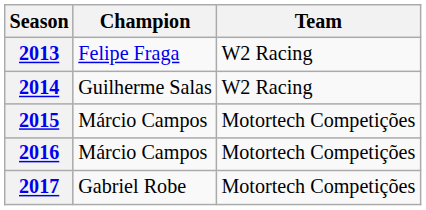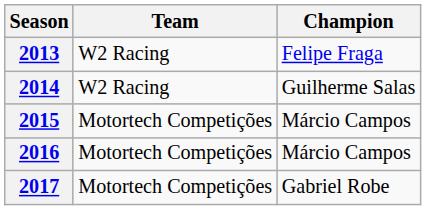 <table class="wikitable" style="font-size: 85%;">
 <tr>
 <th>Season</th>
+<th>Team</th>
 <th>Champion</th>
-<th>Team</th>
 </tr>
 <tr>
 <th><a href='#'>2013</a></th>
+<td>W2 Racing</td>
 <td><a href='#'>Felipe Fraga</a></td>
-<td>W2 Racing</td>
 </tr>
 <tr>
 <th><a href='#'>2014</a></th>
+<td>W2 Racing</td>
 <td>Guilherme Salas</td>
-<td>W2 Racing</td>
 </tr>
 <tr>
 <th><a href='#'>2015</a></th>
+<td>Motortech Competições</td>
 <td>Márcio Campos</td>
-<td>Motortech Competições</td>
 </tr>
 <tr>
 <th><a href='#'>2016</a></th>
+<td>Motortech Competições</td>
 <td>Márcio Campos</td>
-<td>Motortech Competições</td>
 </tr>
 <tr>
 <th><a href='#'>2017</a></th>
+<td>Motortech Competições</td>
 <td>Gabriel Robe</td>
-<td>Motortech Competições</td>
 </tr>
 </table>
